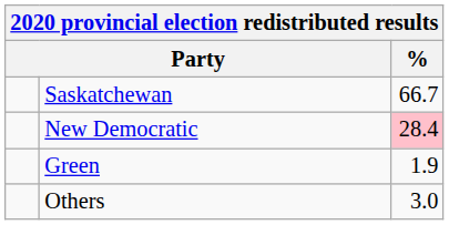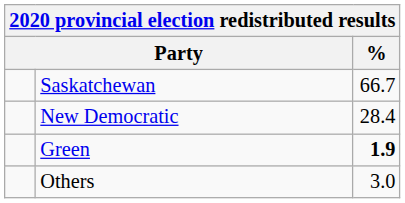 <table class="wikitable">
 <tr>
 <th colspan="4"><a href='#'>2020 provincial election</a> redistributed results</th>
 </tr>
 <tr>
 <th bgcolor="#DDDDFF" width="130px" colspan="2">Party</th>
 <th bgcolor="#DDDDFF" width="30px">%</th>
 </tr>
 <tr>
 <td> </td>
 <td><a href='#'>Saskatchewan</a></td>
 <td align=right>66.7</td>
 </tr>
 <tr>
 <td> </td>
 <td><a href='#'>New Democratic</a></td>
-<td align=right style="background: pink;">28.4</td>
+<td align=right>28.4</td>
 </tr>
 <tr>
 <td> </td>
 <td><a href='#'>Green</a></td>
-<td align=right>1.9</td>
+<td align=right><strong>1.9</strong></td>
 </tr>
 <tr>
 <td> </td>
 <td>Others</td>
 <td align=right>3.0</td>
 </tr>
 </table>
